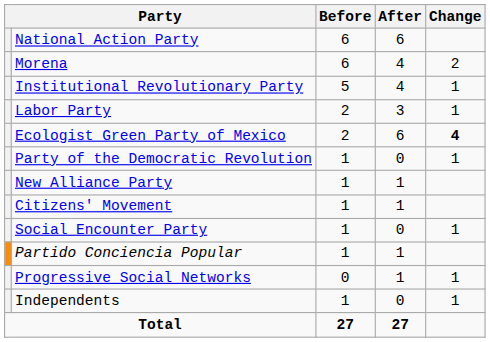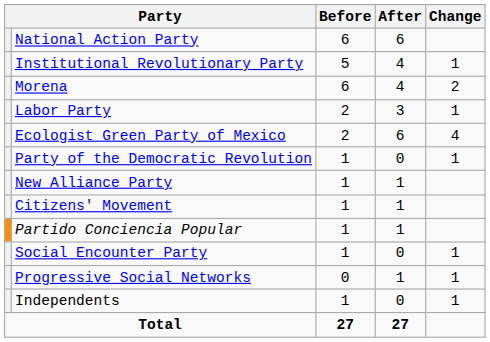 <table class="wikitable" style="text-align:center;">
 <tr>
 <th colspan="2">Party</th>
 <th style="width:3em">Before</th>
 <th style="width:3em">After</th>
 <th style="width:3em">Change</th>
 </tr>
 <tr>
 <th style="background-color:"></th>
 <td style="text-align:left;"><a href='#'>National Action Party</a></td>
 <td>6</td>
 <td>6</td>
 <td></td>
 </tr>
 <tr>
 <th style="background-color:"></th>
+<td style="text-align:left;"><a href='#'>Institutional Revolutionary Party</a></td>
+<td>5</td>
+<td>4</td>
+<td>1</td>
+</tr>
+<tr>
+<th style="background-color:"></th>
 <td style="text-align:left;"><a href='#'>Morena</a></td>
 <td>6</td>
 <td>4</td>
 <td>2</td>
-</tr>
-<tr>
-<th style="background-color:"></th>
-<td style="text-align:left;"><a href='#'>Institutional Revolutionary Party</a></td>
-<td>5</td>
-<td>4</td>
-<td>1</td>
 </tr>
 <tr>
 <th style="background-color:"></th>
 <td style="text-align:left;"><a href='#'>Labor Party</a></td>
 <td>2</td>
 <td>3</td>
 <td>1</td>
 </tr>
 <tr>
 <th style="background-color:"></th>
 <td style="text-align:left;"><a href='#'>Ecologist Green Party of Mexico</a></td>
 <td>2</td>
 <td>6</td>
-<td><strong>4</strong></td>
+<td>4</td>
 </tr>
 <tr>
 <th style="background-color:"></th>
 <td style="text-align:left;"><a href='#'>Party of the Democratic Revolution</a></td>
 <td>1</td>
 <td>0</td>
 <td>1</td>
 </tr>
 <tr>
 <th style="background-color:"></th>
 <td style="text-align:left;"><a href='#'>New Alliance Party</a></td>
 <td>1</td>
 <td>1</td>
 <td></td>
 </tr>
 <tr>
 <th style="background-color:"></th>
 <td style="text-align:left;"><a href='#'>Citizens' Movement</a></td>
 <td>1</td>
 <td>1</td>
 <td></td>
 </tr>
 <tr>
+<th style="background-color:#ff8c00;"></th>
+<td style="text-align:left;"><em>Partido Conciencia Popular</em></td>
+<td>1</td>
+<td>1</td>
+<td></td>
+</tr>
+<tr>
 <th style="background-color:"></th>
 <td style="text-align:left;"><a href='#'>Social Encounter Party</a></td>
 <td>1</td>
 <td>0</td>
 <td>1</td>
-</tr>
-<tr>
-<th style="background-color:#ff8c00;"></th>
-<td style="text-align:left;"><em>Partido Conciencia Popular</em></td>
-<td>1</td>
-<td>1</td>
-<td></td>
 </tr>
 <tr>
 <th style="background-color:"></th>
 <td style="text-align:left;"><a href='#'>Progressive Social Networks</a></td>
 <td>0</td>
 <td>1</td>
 <td>1</td>
 </tr>
 <tr>
 <th style="background-color:"></th>
 <td style="text-align:left;">Independents</td>
 <td>1</td>
 <td>0</td>
 <td>1</td>
 </tr>
 <tr>
 <td colspan="2"><strong>Total</strong></td>
 <td><strong>27</strong></td>
 <td><strong>27</strong></td>
 <td></td>
 </tr>
 </table>
